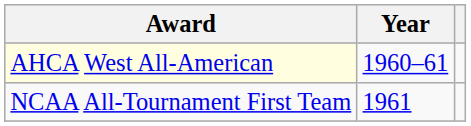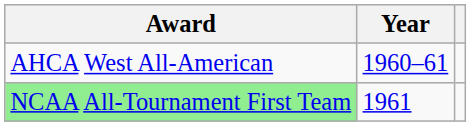 <table class="wikitable">
 <tr>
 <th>Award</th>
 <th>Year</th>
 <th></th>
 </tr>
 <tr>
-<td style="background: lightyellow;"><a href='#'>AHCA</a> <a href='#'>West All-American</a></td>
+<td><a href='#'>AHCA</a> <a href='#'>West All-American</a></td>
 <td><a href='#'>1960–61</a></td>
 <td></td>
 </tr>
 <tr>
-<td><a href='#'>NCAA</a> <a href='#'>All-Tournament First Team</a></td>
+<td style="background: lightgreen;"><a href='#'>NCAA</a> <a href='#'>All-Tournament First Team</a></td>
 <td><a href='#'>1961</a></td>
 <td></td>
 </tr>
 </table>
